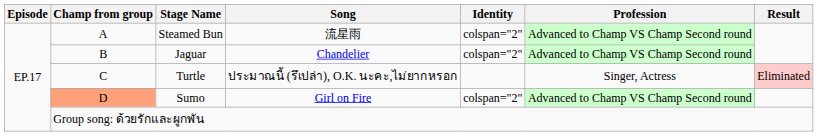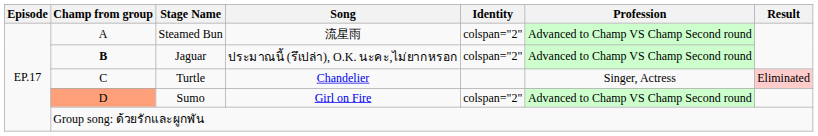 <table class="wikitable">
 <tr>
 <th>Episode</th>
 <th>Champ from group</th>
 <th>Stage Name</th>
 <th>Song</th>
 <th>Identity</th>
 <th>Profession</th>
 <th>Result</th>
 </tr>
 <tr>
 <td rowspan="5" align="center">EP.17</td>
 <td align="center">A</td>
 <td align="center">Steamed Bun</td>
 <td align="center">流星雨</td>
 <td>colspan="2"  </td>
 <td style="text-align:center; background:#ccffcc;">Advanced to Champ VS Champ Second round</td>
 </tr>
 <tr>
-<td align="center">B</td>
+<td align="center"><strong>B</strong></td>
 <td align="center">Jaguar</td>
-<td align="center"><a href='#'>Chandelier</a></td>
+<td align="center">ประมาณนี้ (รึเปล่า), O.K. นะคะ,ไม่ยากหรอก</td>
 <td>colspan="2"  </td>
 <td style="text-align:center; background:#ccffcc;">Advanced to Champ VS Champ Second round</td>
 </tr>
 <tr>
 <td align="center">C</td>
 <td align="center">Turtle</td>
-<td align="center">ประมาณนี้ (รึเปล่า), O.K. นะคะ,ไม่ยากหรอก</td>
+<td align="center"><a href='#'>Chandelier</a></td>
 <td align="center"></td>
 <td align="center">Singer, Actress</td>
 <td style="text-align:center; background:#ffcccc;">Eliminated</td>
 </tr>
 <tr>
 <td align="center" style="background: lightsalmon;">D</td>
 <td align="center">Sumo</td>
 <td align="center"><a href='#'>Girl on Fire</a></td>
 <td>colspan="2"  </td>
 <td style="text-align:center; background:#ccffcc;">Advanced to Champ VS Champ Second round</td>
 </tr>
 <tr>
 <td colspan="7">Group song: ด้วยรักและผูกพัน</td>
 </tr>
 </table>
